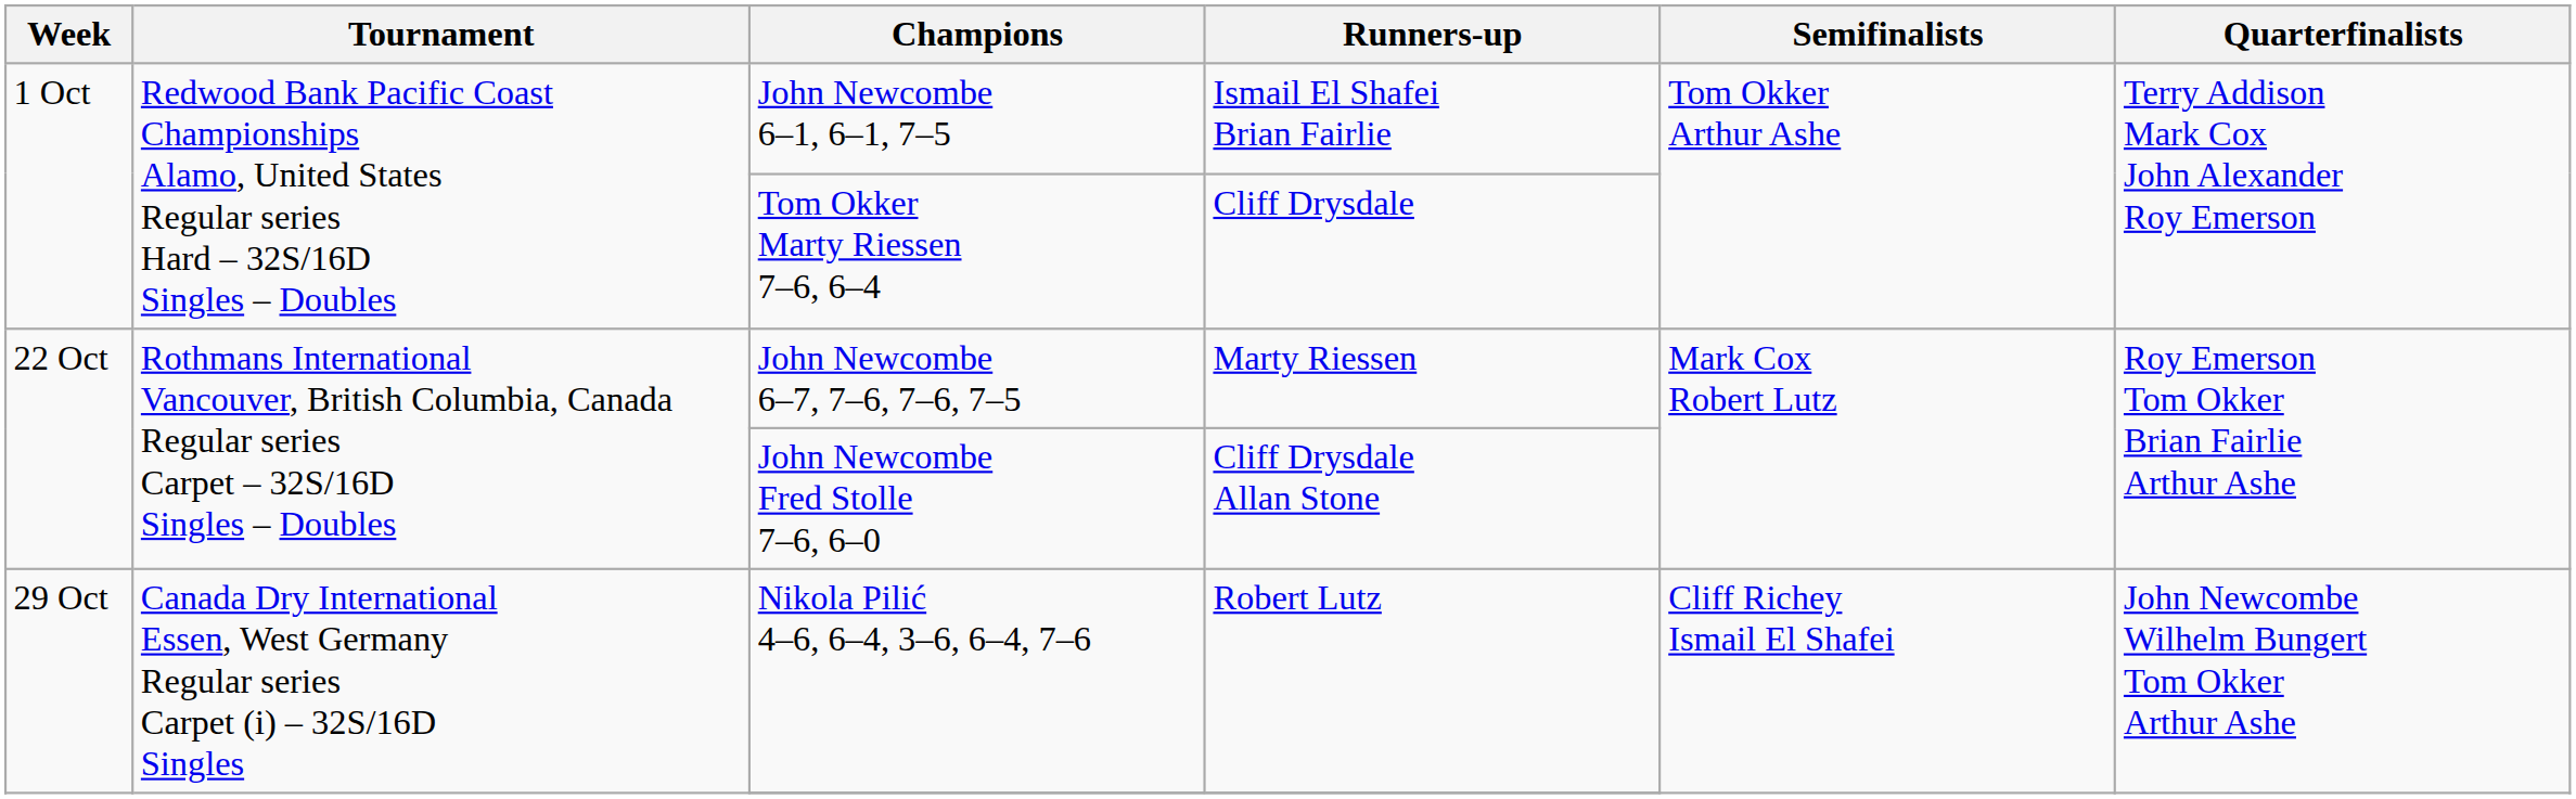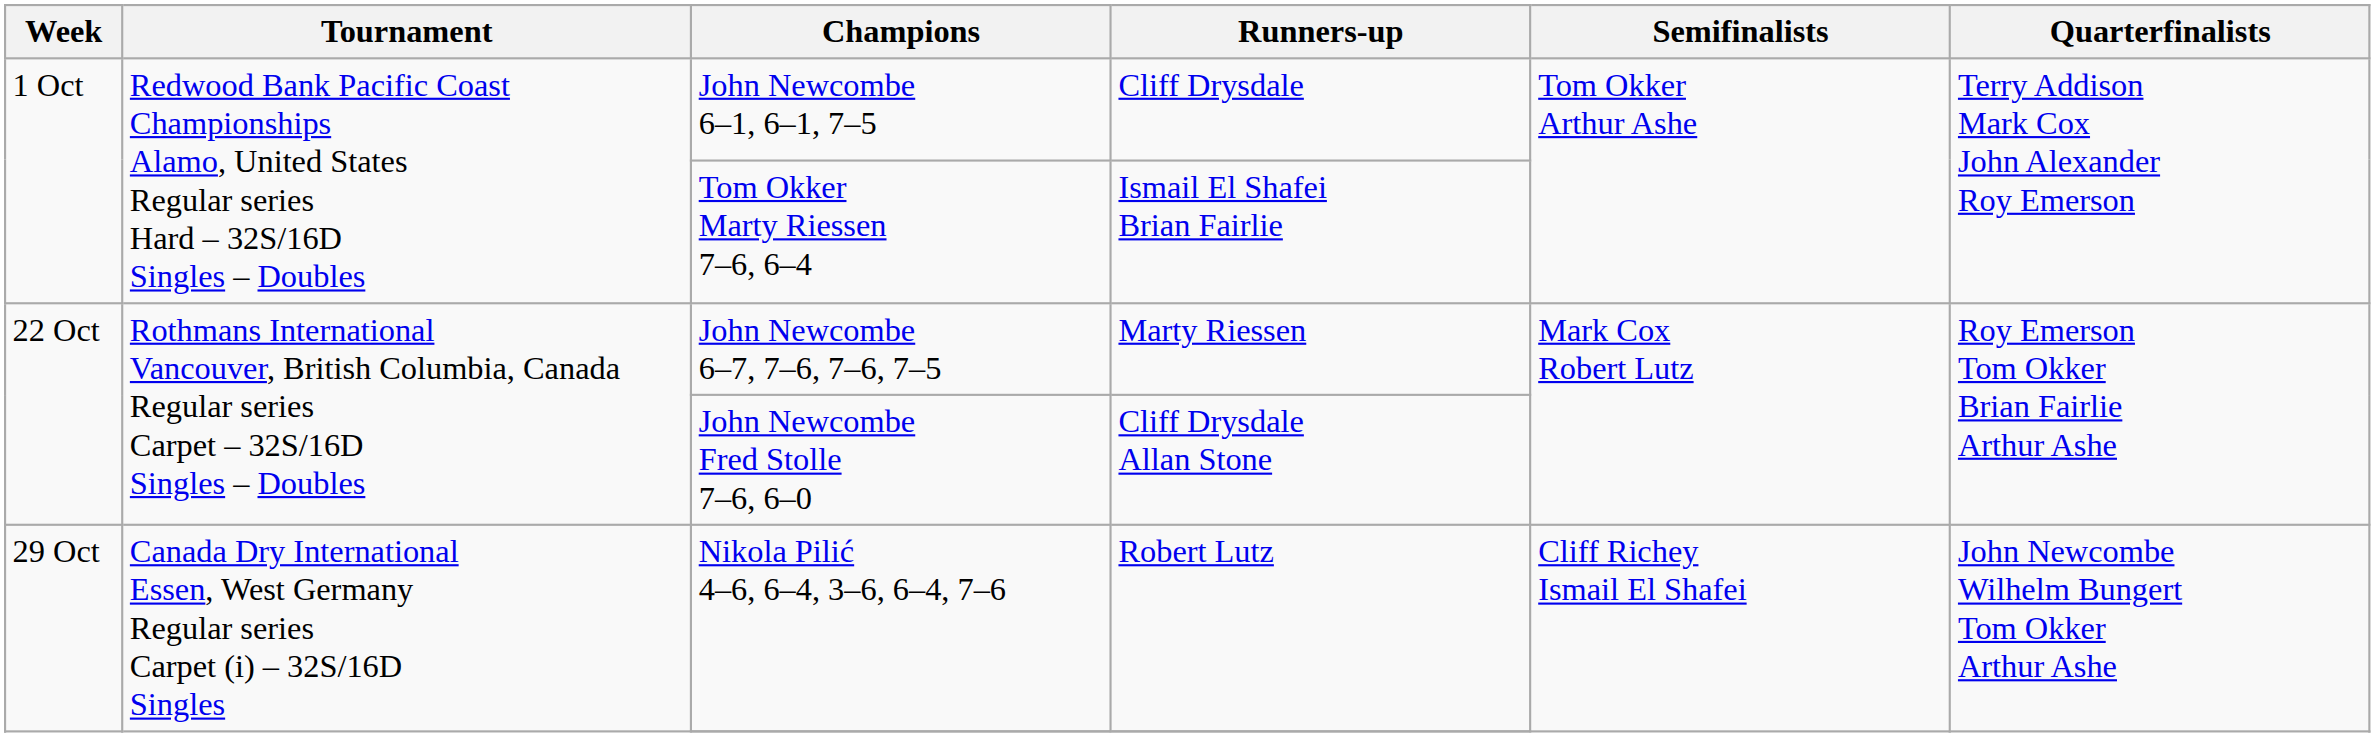 <table class=wikitable style=font-size:95%>
 <tr>
 <th style="width:48px;">Week</th>
 <th style="width:260px;">Tournament</th>
 <th style="width:190px;">Champions</th>
 <th style="width:190px;">Runners-up</th>
 <th style="width:190px;">Semifinalists</th>
 <th style="width:190px;">Quarterfinalists</th>
 </tr>
 <tr valign=top>
 <td rowspan=2>1 Oct</td>
 <td rowspan=2><a href='#'>Redwood Bank Pacific Coast Championships</a><br> <a href='#'>Alamo</a>, United States<br>Regular series<br>Hard – 32S/16D<br><a href='#'>Singles</a> – <a href='#'>Doubles</a></td>
 <td> <a href='#'>John Newcombe</a><br>6–1, 6–1, 7–5</td>
-<td> <a href='#'>Ismail El Shafei</a><br> <a href='#'>Brian Fairlie</a></td>
+<td> <a href='#'>Cliff Drysdale</a></td>
 <td rowspan=2> <a href='#'>Tom Okker</a><br> <a href='#'>Arthur Ashe</a></td>
 <td rowspan=2> <a href='#'>Terry Addison</a><br> <a href='#'>Mark Cox</a><br> <a href='#'>John Alexander</a><br> <a href='#'>Roy Emerson</a></td>
 </tr>
 <tr valign=top>
 <td> <a href='#'>Tom Okker</a><br> <a href='#'>Marty Riessen</a><br>7–6, 6–4</td>
-<td> <a href='#'>Cliff Drysdale</a></td>
+<td> <a href='#'>Ismail El Shafei</a><br> <a href='#'>Brian Fairlie</a></td>
 </tr>
 <tr valign=top>
 <td rowspan=2>22 Oct</td>
 <td rowspan=2><a href='#'>Rothmans International</a><br> <a href='#'>Vancouver</a>, British Columbia, Canada<br>Regular series<br>Carpet – 32S/16D<br><a href='#'>Singles</a> – <a href='#'>Doubles</a></td>
 <td> <a href='#'>John Newcombe</a><br>6–7, 7–6, 7–6, 7–5</td>
 <td> <a href='#'>Marty Riessen</a></td>
 <td rowspan=2> <a href='#'>Mark Cox</a><br> <a href='#'>Robert Lutz</a></td>
 <td rowspan=2> <a href='#'>Roy Emerson</a><br> <a href='#'>Tom Okker</a><br> <a href='#'>Brian Fairlie</a><br> <a href='#'>Arthur Ashe</a></td>
 </tr>
 <tr valign=top>
 <td> <a href='#'>John Newcombe</a><br> <a href='#'>Fred Stolle</a><br>7–6, 6–0</td>
 <td> <a href='#'>Cliff Drysdale</a><br> <a href='#'>Allan Stone</a></td>
 </tr>
 <tr valign=top>
 <td rowspan=2>29 Oct</td>
 <td rowspan=2><a href='#'>Canada Dry International</a><br><a href='#'>Essen</a>, West Germany<br>Regular series<br>Carpet (i) – 32S/16D<br><a href='#'>Singles</a></td>
 <td> <a href='#'>Nikola Pilić</a><br>4–6, 6–4, 3–6, 6–4, 7–6</td>
 <td> <a href='#'>Robert Lutz</a></td>
 <td rowspan=2> <a href='#'>Cliff Richey</a><br> <a href='#'>Ismail El Shafei</a></td>
 <td rowspan=2> <a href='#'>John Newcombe</a><br> <a href='#'>Wilhelm Bungert</a><br> <a href='#'>Tom Okker</a><br> <a href='#'>Arthur Ashe</a></td>
 </tr>
 <tr valign=top>
 </tr>
 </table>
